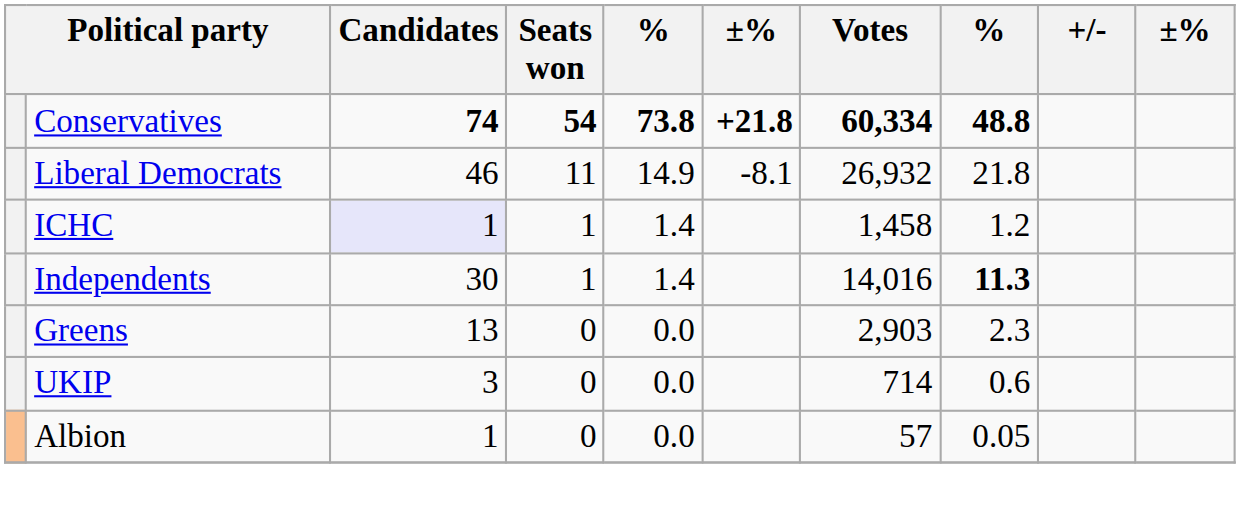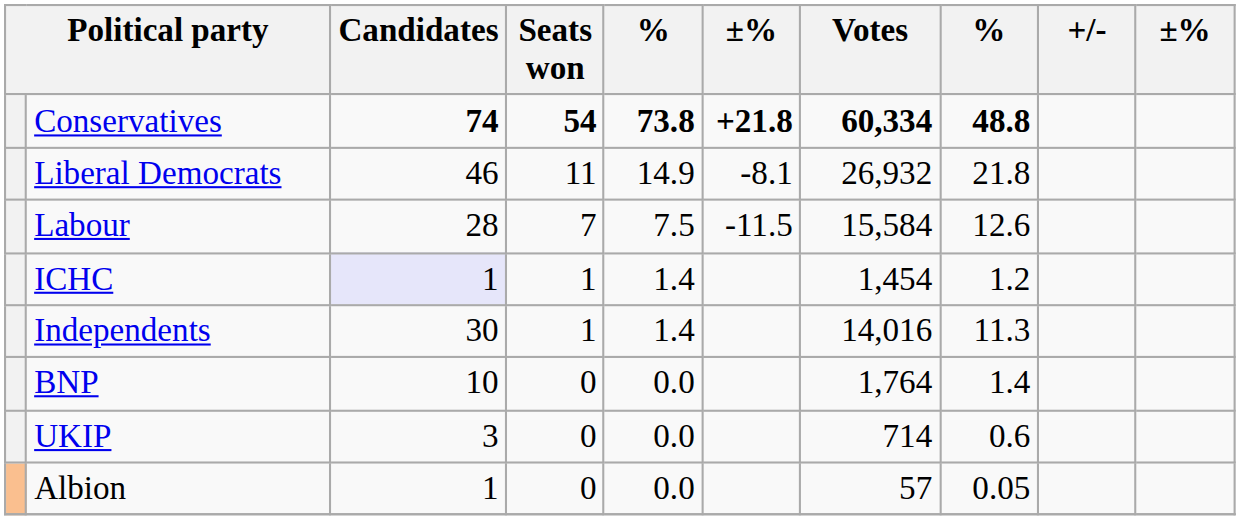 <table class="wikitable">
 <tr>
 <th valign=top colspan="2" style="width: 150px">Political party</th>
 <th valign=top style="width: 40px">Candidates</th>
 <th valign=top style="width: 40px">Seats won</th>
 <th valign=top style="width: 40px">%</th>
 <th valign=top style="width: 40px">±%</th>
 <th valign=top style="width: 60px">Votes</th>
 <th valign=top style="width: 40px">%</th>
 <th valign=top style="width: 40px">+/-</th>
 <th valign=top style="width: 40px">±%</th>
 </tr>
 <tr>
 <th style="background-color: "></th>
 <td><a href='#'>Conservatives</a></td>
 <td align="right"><strong>74</strong></td>
 <td align="right"><strong>54</strong></td>
 <td align="right"><strong>73.8</strong></td>
 <td align="right"><strong>+21.8</strong></td>
 <td align="right"><strong>60,334</strong></td>
 <td align="right"><strong>48.8</strong></td>
 <td align="right"></td>
 <td align="right"></td>
 </tr>
 <tr>
 <th style="background-color: "></th>
 <td><a href='#'>Liberal Democrats</a></td>
 <td align="right">46</td>
 <td align="right">11</td>
 <td align="right">14.9</td>
 <td align="right">-8.1</td>
 <td align="right">26,932</td>
 <td align="right">21.8</td>
 <td align="right"></td>
 <td align="right"></td>
 </tr>
 <tr>
 <th style="background-color: "></th>
+<td><a href='#'>Labour</a></td>
+<td align="right">28</td>
+<td align="right">7</td>
+<td align="right">7.5</td>
+<td align="right">-11.5</td>
+<td align="right">15,584</td>
+<td align="right">12.6</td>
+<td align="right"></td>
+<td align="right"></td>
+</tr>
+<tr>
+<th style="background-color: "></th>
 <td><a href='#'>ICHC</a></td>
 <td align="right" style="background: lavender;">1</td>
 <td align="right">1</td>
 <td align="right">1.4</td>
 <td align="right"></td>
-<td align="right">1,458</td>
+<td align="right">1,454</td>
 <td align="right">1.2</td>
 <td align="right"></td>
 <td align="right"></td>
 </tr>
 <tr>
 <th style="background-color: "></th>
 <td><a href='#'>Independents</a></td>
 <td align="right">30</td>
 <td align="right">1</td>
 <td align="right">1.4</td>
 <td align="right"></td>
 <td align="right">14,016</td>
-<td align="right"><strong>11.3</strong></td>
+<td align="right">11.3</td>
 <td align="right"></td>
 <td align="right"></td>
 </tr>
 <tr>
 <th style="background-color: "></th>
-<td><a href='#'>Greens</a></td>
-<td align="right">13</td>
+<td><a href='#'>BNP</a></td>
+<td align="right">10</td>
 <td align="right">0</td>
 <td align="right">0.0</td>
 <td align="right"></td>
-<td align="right">2,903</td>
-<td align="right">2.3</td>
+<td align="right">1,764</td>
+<td align="right">1.4</td>
 <td align="right"></td>
 <td align="right"></td>
 </tr>
 <tr>
 <th style="background-color: "></th>
 <td><a href='#'>UKIP</a></td>
 <td align="right">3</td>
 <td align="right">0</td>
 <td align="right">0.0</td>
 <td align="right"></td>
 <td align="right">714</td>
 <td align="right">0.6</td>
 <td align="right"></td>
 <td align="right"></td>
 </tr>
 <tr>
 <th style="background-color: rgb(250,191,143); width: 3px;"></th>
 <td>Albion</td>
 <td align="right">1</td>
 <td align="right">0</td>
 <td align="right">0.0</td>
 <td align="right"></td>
 <td align="right">57</td>
 <td align="right">0.05</td>
 <td align="right"></td>
 <td align="right"></td>
 </tr>
 <tr>
 </tr>
 </table>
